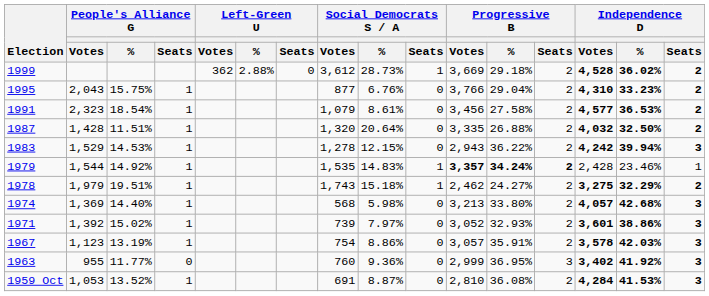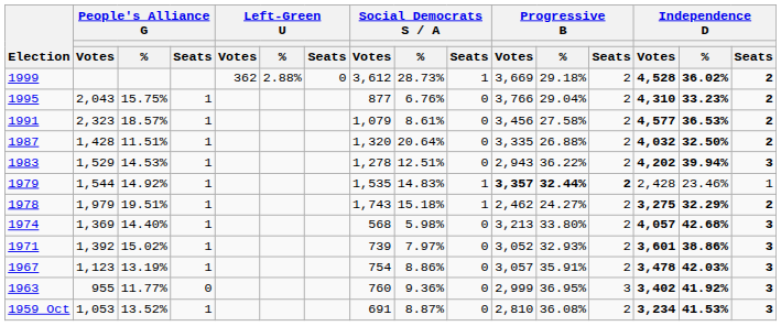 <table class="wikitable" border="1" style="font-size:100%; text-align:right;">
 <tr>
 <th style="text-align:left;" valign=bottom rowspan=3>Election</th>
 <th valign=bottom colspan=3><a href='#'>People's Alliance</a><br>G</th>
 <th valign=bottom colspan=3><a href='#'>Left-Green</a><br>U</th>
 <th valign=bottom colspan=3><a href='#'>Social Democrats</a><br>S / A</th>
 <th valign=bottom colspan=3><a href='#'>Progressive</a><br>B</th>
 <th valign=bottom colspan=3><a href='#'>Independence</a><br>D</th>
 </tr>
 <tr>
 <th colspan=3 style="background:"></th>
 <th colspan=3 style="background:"></th>
 <th colspan=3 style="background:"></th>
 <th colspan=3 style="background:"></th>
 <th colspan=3 style="background:"></th>
 </tr>
 <tr>
 <th>Votes</th>
 <th>%</th>
 <th>Seats</th>
 <th>Votes</th>
 <th>%</th>
 <th>Seats</th>
 <th>Votes</th>
 <th>%</th>
 <th>Seats</th>
 <th>Votes</th>
 <th>%</th>
 <th>Seats</th>
 <th>Votes</th>
 <th>%</th>
 <th>Seats</th>
 </tr>
 <tr>
 <td align=left><a href='#'>1999</a></td>
 <td></td>
 <td></td>
 <td></td>
 <td>362</td>
 <td>2.88%</td>
 <td>0</td>
 <td>3,612</td>
 <td>28.73%</td>
 <td>1</td>
 <td>3,669</td>
 <td>29.18%</td>
 <td>2</td>
 <td><strong>4,528</strong></td>
 <td><strong>36.02%</strong></td>
 <td><strong>2</strong></td>
 </tr>
 <tr>
 <td align=left><a href='#'>1995</a></td>
 <td>2,043</td>
 <td>15.75%</td>
 <td>1</td>
 <td></td>
 <td></td>
 <td></td>
 <td>877</td>
 <td>6.76%</td>
 <td>0</td>
 <td>3,766</td>
 <td>29.04%</td>
 <td>2</td>
 <td><strong>4,310</strong></td>
 <td><strong>33.23%</strong></td>
 <td><strong>2</strong></td>
 </tr>
 <tr>
 <td align=left><a href='#'>1991</a></td>
 <td>2,323</td>
-<td>18.54%</td>
+<td>18.57%</td>
 <td>1</td>
 <td></td>
 <td></td>
 <td></td>
 <td>1,079</td>
 <td>8.61%</td>
 <td>0</td>
 <td>3,456</td>
 <td>27.58%</td>
 <td>2</td>
 <td><strong>4,577</strong></td>
 <td><strong>36.53%</strong></td>
 <td><strong>2</strong></td>
 </tr>
 <tr>
 <td align=left><a href='#'>1987</a></td>
 <td>1,428</td>
 <td>11.51%</td>
 <td>1</td>
 <td></td>
 <td></td>
 <td></td>
 <td>1,320</td>
 <td>20.64%</td>
 <td>0</td>
 <td>3,335</td>
 <td>26.88%</td>
 <td>2</td>
 <td><strong>4,032</strong></td>
 <td><strong>32.50%</strong></td>
 <td><strong>2</strong></td>
 </tr>
 <tr>
 <td align=left><a href='#'>1983</a></td>
 <td>1,529</td>
 <td>14.53%</td>
 <td>1</td>
 <td></td>
 <td></td>
 <td></td>
 <td>1,278</td>
-<td>12.15%</td>
+<td>12.51%</td>
 <td>0</td>
 <td>2,943</td>
 <td>36.22%</td>
 <td>2</td>
-<td><strong>4,242</strong></td>
+<td><strong>4,202</strong></td>
 <td><strong>39.94%</strong></td>
 <td><strong>3</strong></td>
 </tr>
 <tr>
 <td align=left><a href='#'>1979</a></td>
 <td>1,544</td>
 <td>14.92%</td>
 <td>1</td>
 <td></td>
 <td></td>
 <td></td>
 <td>1,535</td>
 <td>14.83%</td>
 <td>1</td>
 <td><strong>3,357</strong></td>
-<td><strong>34.24%</strong></td>
+<td><strong>32.44%</strong></td>
 <td><strong>2</strong></td>
 <td>2,428</td>
 <td>23.46%</td>
 <td>1</td>
 </tr>
 <tr>
 <td align=left><a href='#'>1978</a></td>
 <td>1,979</td>
 <td>19.51%</td>
 <td>1</td>
 <td></td>
 <td></td>
 <td></td>
 <td>1,743</td>
 <td>15.18%</td>
 <td>1</td>
 <td>2,462</td>
 <td>24.27%</td>
 <td>2</td>
 <td><strong>3,275</strong></td>
 <td><strong>32.29%</strong></td>
 <td><strong>2</strong></td>
 </tr>
 <tr>
 <td align=left><a href='#'>1974</a></td>
 <td>1,369</td>
 <td>14.40%</td>
 <td>1</td>
 <td></td>
 <td></td>
 <td></td>
 <td>568</td>
 <td>5.98%</td>
 <td>0</td>
 <td>3,213</td>
 <td>33.80%</td>
 <td>2</td>
 <td><strong>4,057</strong></td>
 <td><strong>42.68%</strong></td>
 <td><strong>3</strong></td>
 </tr>
 <tr>
 <td align=left><a href='#'>1971</a></td>
 <td>1,392</td>
 <td>15.02%</td>
 <td>1</td>
 <td></td>
 <td></td>
 <td></td>
 <td>739</td>
 <td>7.97%</td>
 <td>0</td>
 <td>3,052</td>
 <td>32.93%</td>
 <td>2</td>
 <td><strong>3,601</strong></td>
 <td><strong>38.86%</strong></td>
 <td><strong>3</strong></td>
 </tr>
 <tr>
 <td align=left><a href='#'>1967</a></td>
 <td>1,123</td>
 <td>13.19%</td>
 <td>1</td>
 <td></td>
 <td></td>
 <td></td>
 <td>754</td>
 <td>8.86%</td>
 <td>0</td>
 <td>3,057</td>
 <td>35.91%</td>
 <td>2</td>
-<td><strong>3,578</strong></td>
+<td><strong>3,478</strong></td>
 <td><strong>42.03%</strong></td>
 <td><strong>3</strong></td>
 </tr>
 <tr>
 <td align=left><a href='#'>1963</a></td>
 <td>955</td>
 <td>11.77%</td>
 <td>0</td>
 <td></td>
 <td></td>
 <td></td>
 <td>760</td>
 <td>9.36%</td>
 <td>0</td>
 <td>2,999</td>
 <td>36.95%</td>
 <td>3</td>
 <td><strong>3,402</strong></td>
 <td><strong>41.92%</strong></td>
 <td><strong>3</strong></td>
 </tr>
 <tr>
 <td align=left><a href='#'>1959 Oct</a></td>
 <td>1,053</td>
 <td>13.52%</td>
 <td>1</td>
 <td></td>
 <td></td>
 <td></td>
 <td>691</td>
 <td>8.87%</td>
 <td>0</td>
 <td>2,810</td>
 <td>36.08%</td>
 <td>2</td>
-<td><strong>4,284</strong></td>
+<td><strong>3,234</strong></td>
 <td><strong>41.53%</strong></td>
 <td><strong>3</strong></td>
 </tr>
 </table>
